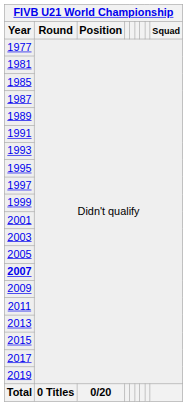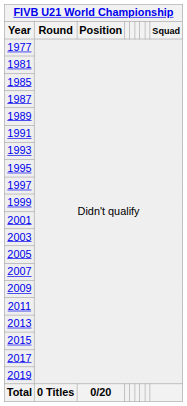 <table class="wikitable" style="text-align: center;">
 <tr>
 <th colspan=9><a href='#'>FIVB U21 World Championship</a></th>
 </tr>
 <tr>
 <th>Year</th>
 <th>Round</th>
 <th>Position</th>
 <th></th>
 <th></th>
 <th></th>
 <th></th>
 <th></th>
 <th><small>Squad</small></th>
 </tr>
 <tr bgcolor="efefef">
 <td> <a href='#'>1977</a></td>
 <td colspan=9 rowspan=20>Didn't qualify</td>
 </tr>
 <tr bgcolor="efefef">
 <td> <a href='#'>1981</a></td>
 </tr>
 <tr bgcolor="efefef">
 <td> <a href='#'>1985</a></td>
 </tr>
 <tr bgcolor="efefef">
 <td> <a href='#'>1987</a></td>
 </tr>
 <tr bgcolor="efefef">
 <td> <a href='#'>1989</a></td>
 </tr>
 <tr bgcolor="efefef">
 <td> <a href='#'>1991</a></td>
 </tr>
 <tr bgcolor="efefef">
 <td> <a href='#'>1993</a></td>
 </tr>
 <tr bgcolor="efefef">
 <td> <a href='#'>1995</a></td>
 </tr>
 <tr bgcolor="efefef">
 <td> <a href='#'>1997</a></td>
 </tr>
 <tr bgcolor="efefef">
 <td> <a href='#'>1999</a></td>
 </tr>
 <tr bgcolor="efefef">
 <td> <a href='#'>2001</a></td>
 </tr>
 <tr bgcolor="efefef">
 <td> <a href='#'>2003</a></td>
 </tr>
 <tr bgcolor="efefef">
 <td> <a href='#'>2005</a></td>
 </tr>
 <tr bgcolor="efefef">
-<td><strong> <a href='#'>2007</a></strong></td>
+<td> <a href='#'>2007</a></td>
 </tr>
 <tr bgcolor="efefef">
 <td> <a href='#'>2009</a></td>
 </tr>
 <tr bgcolor="efefef">
 <td> <a href='#'>2011</a></td>
 </tr>
 <tr bgcolor="efefef">
 <td> <a href='#'>2013</a></td>
 </tr>
 <tr bgcolor="efefef">
 <td> <a href='#'>2015</a></td>
 </tr>
 <tr bgcolor="efefef">
 <td> <a href='#'>2017</a></td>
 </tr>
 <tr bgcolor="efefef">
 <td> <a href='#'>2019</a></td>
 </tr>
 <tr>
 <th>Total</th>
 <th>0 Titles</th>
 <th>0/20</th>
 <th></th>
 <th></th>
 <th></th>
 <th></th>
 <th></th>
 <th></th>
 </tr>
 </table>
